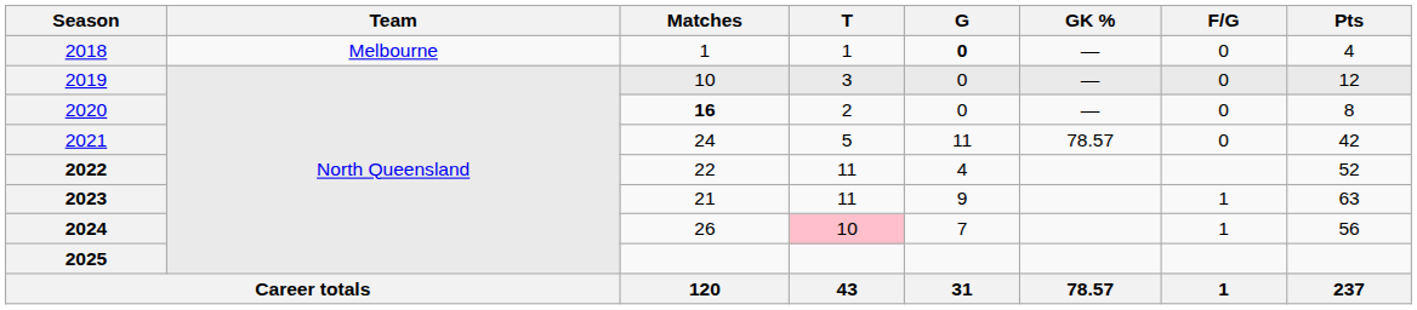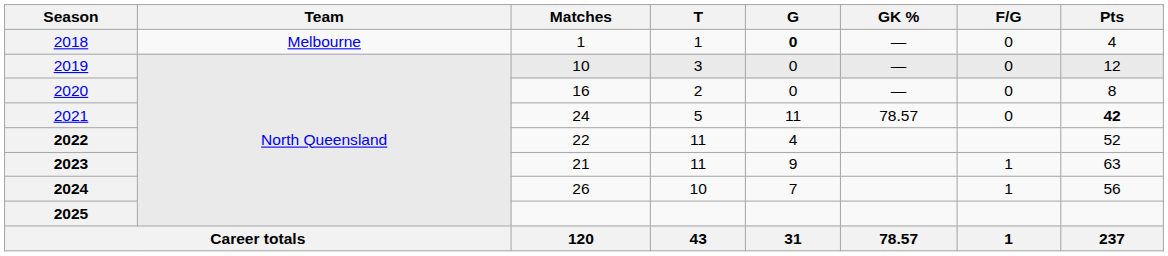 <table class="wikitable sortable"  style="font-size:90%; text-align:center; width:85%;">
 <tr>
 <th width=2%>Season</th>
 <th width=8%>Team</th>
 <th width=2%>Matches</th>
 <th width=2%>T</th>
 <th width=2%>G</th>
 <th width=2%>GK %</th>
 <th width=2%>F/G</th>
 <th width=2%>Pts</th>
 </tr>
 <tr>
 <th scope="row" style="text-align:center; font-weight:normal"><a href='#'>2018</a></th>
 <td style="text-align:center;"> <a href='#'>Melbourne</a></td>
 <td>1</td>
 <td>1</td>
 <td><strong>0</strong></td>
 <td>—</td>
 <td>0</td>
 <td>4</td>
 </tr>
 <tr style="background:#eaeaea;">
 <th scope="row" style="text-align:center; font-weight:normal"><a href='#'>2019</a></th>
 <td rowspan="7" style="text-align:center;"> <a href='#'>North Queensland</a></td>
 <td>10</td>
 <td>3</td>
 <td>0</td>
 <td>—</td>
 <td>0</td>
 <td>12</td>
 </tr>
 <tr>
 <th scope="row" style="text-align:center; font-weight:normal"><a href='#'>2020</a></th>
-<td><strong>16</strong></td>
+<td>16</td>
 <td>2</td>
 <td>0</td>
 <td>—</td>
 <td>0</td>
 <td>8</td>
 </tr>
 <tr>
 <th scope="row" style="text-align:center; font-weight:normal"><a href='#'>2021</a></th>
 <td>24</td>
 <td>5</td>
 <td>11</td>
 <td>78.57</td>
 <td>0</td>
-<td>42</td>
+<td><strong>42</strong></td>
 </tr>
 <tr>
 <th>2022</th>
 <td>22</td>
 <td>11</td>
 <td>4</td>
 <td></td>
 <td></td>
 <td>52</td>
 </tr>
 <tr>
 <th>2023</th>
 <td>21</td>
 <td>11</td>
 <td>9</td>
 <td></td>
 <td>1</td>
 <td>63</td>
 </tr>
 <tr>
 <th>2024</th>
 <td>26</td>
-<td style="background: pink;">10</td>
+<td>10</td>
 <td>7</td>
 <td></td>
 <td>1</td>
 <td>56</td>
 </tr>
 <tr>
 <th>2025</th>
 <td></td>
 <td></td>
 <td></td>
 <td></td>
 <td></td>
 <td></td>
 </tr>
 <tr class="sortbottom">
 <th colspan="2">Career totals</th>
 <th>120</th>
 <th>43</th>
 <th>31</th>
 <th>78.57</th>
 <th>1</th>
 <th>237</th>
 </tr>
 </table>
